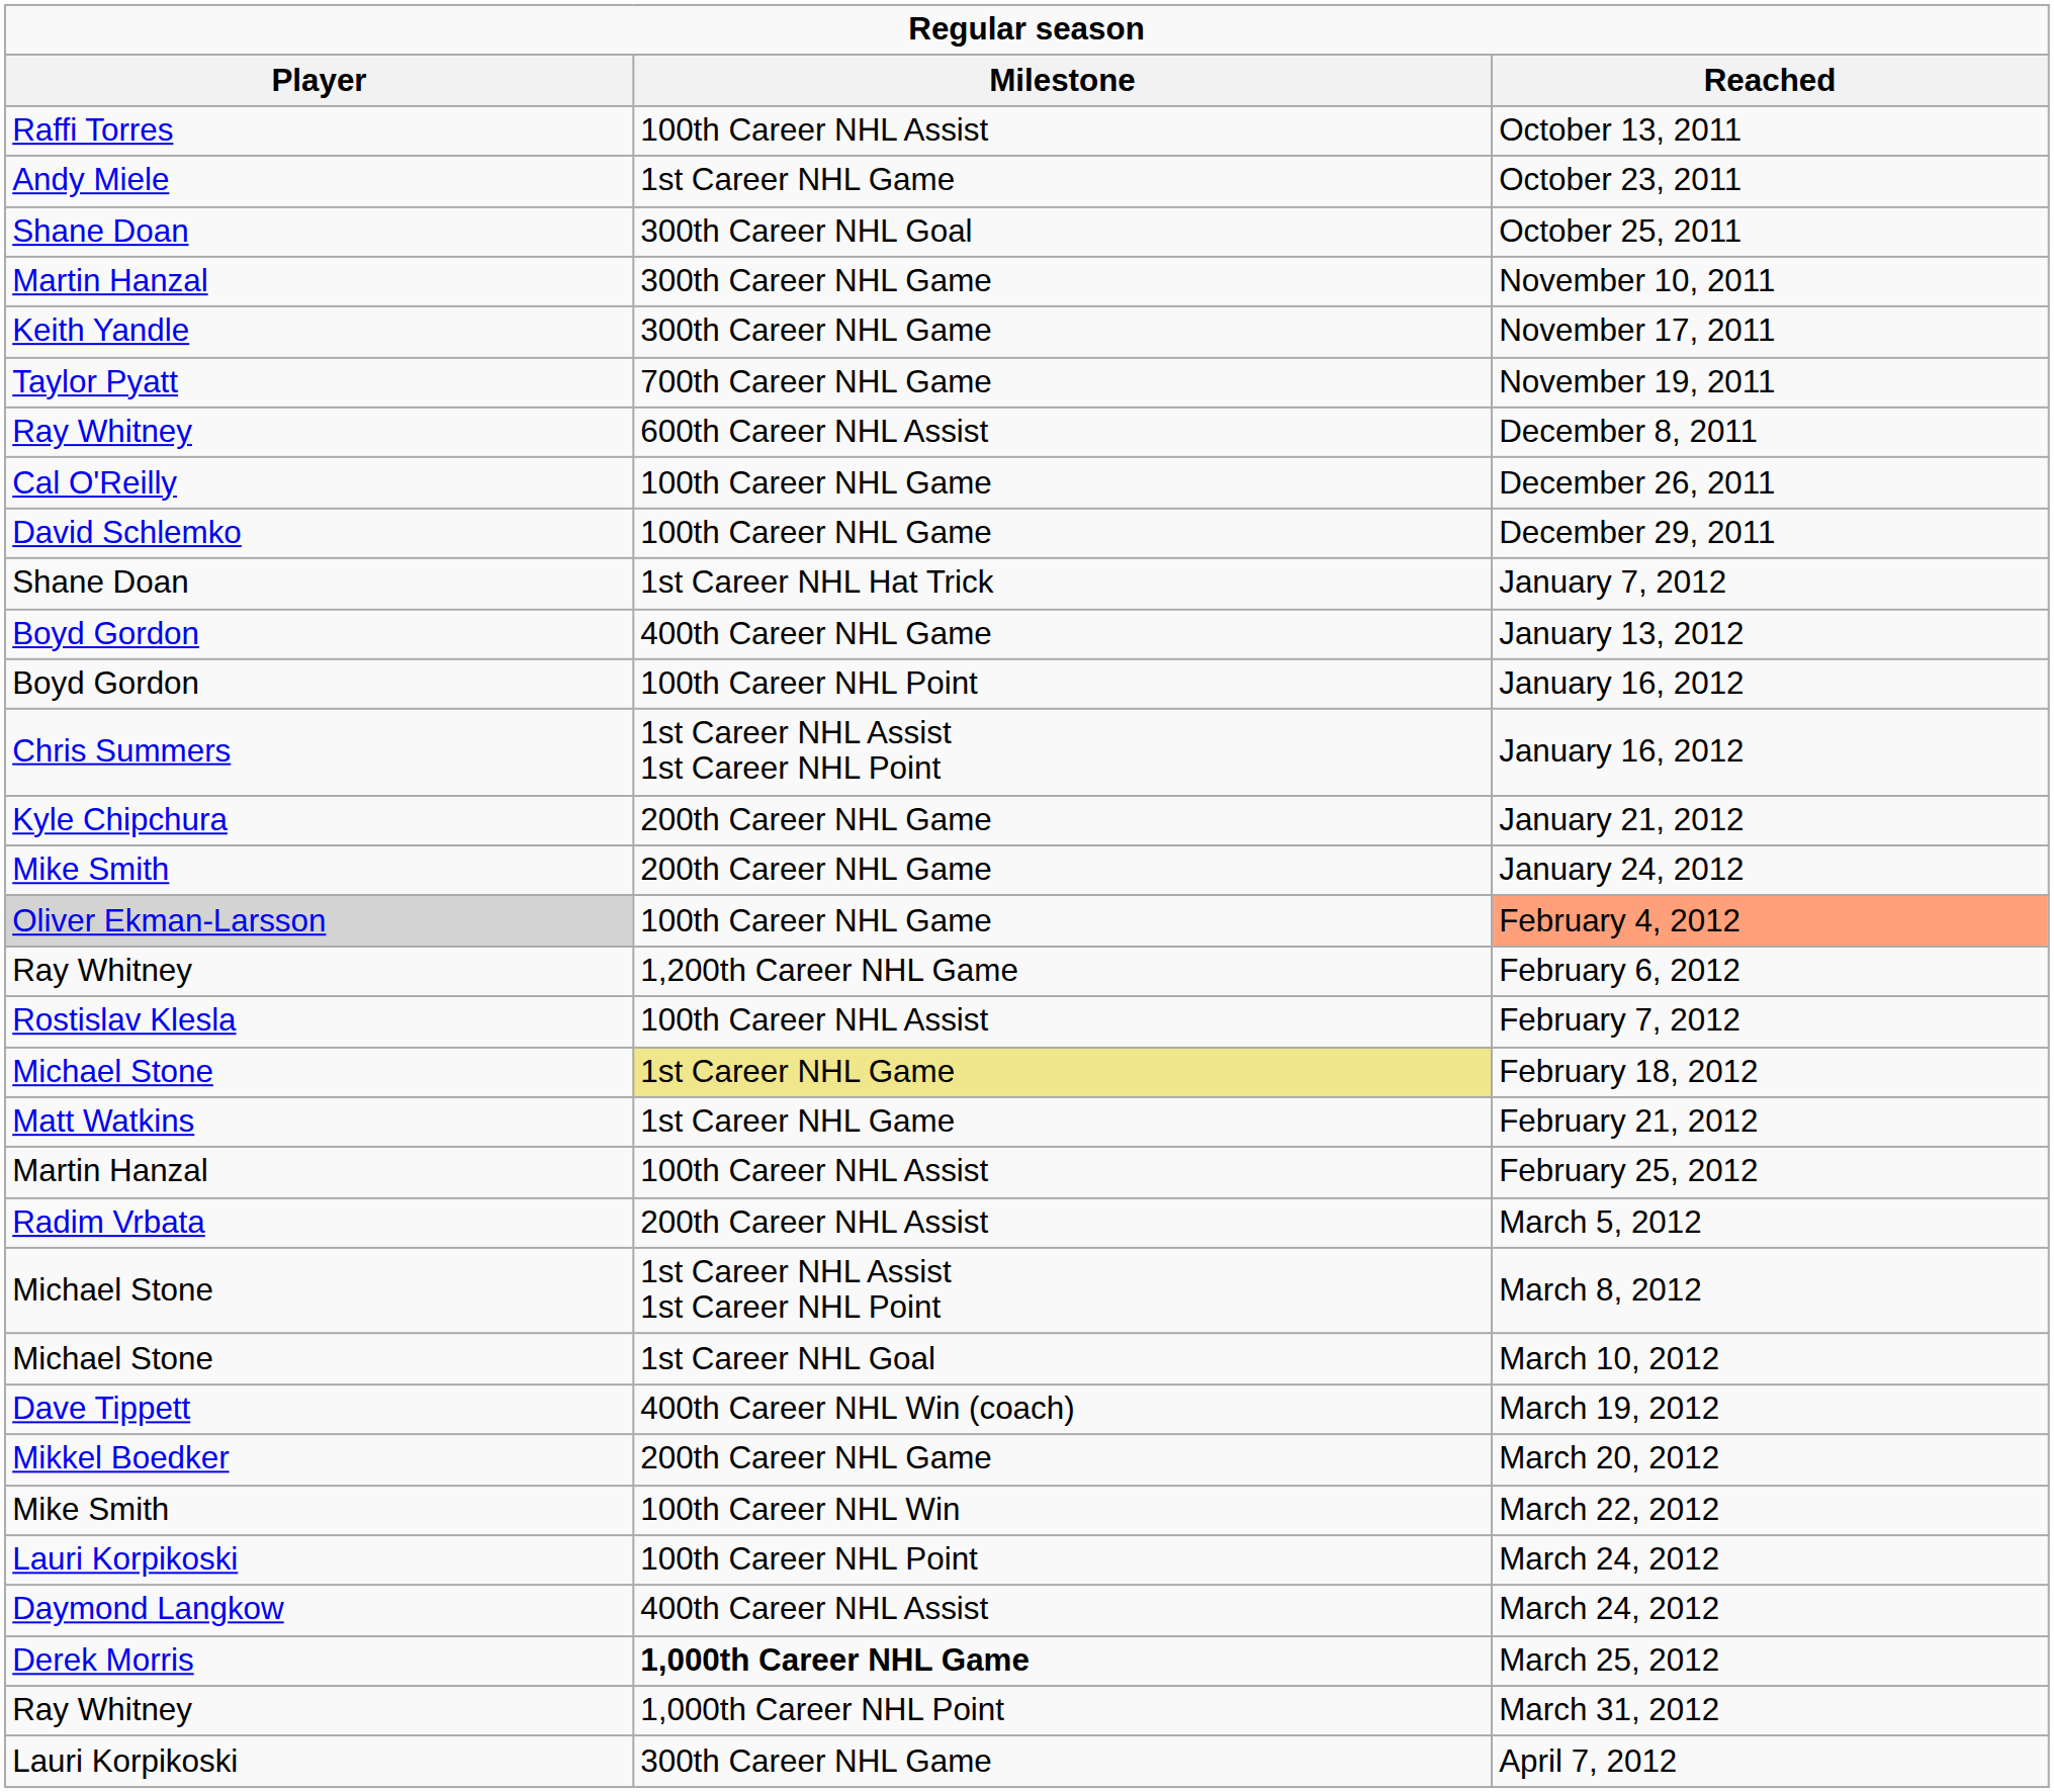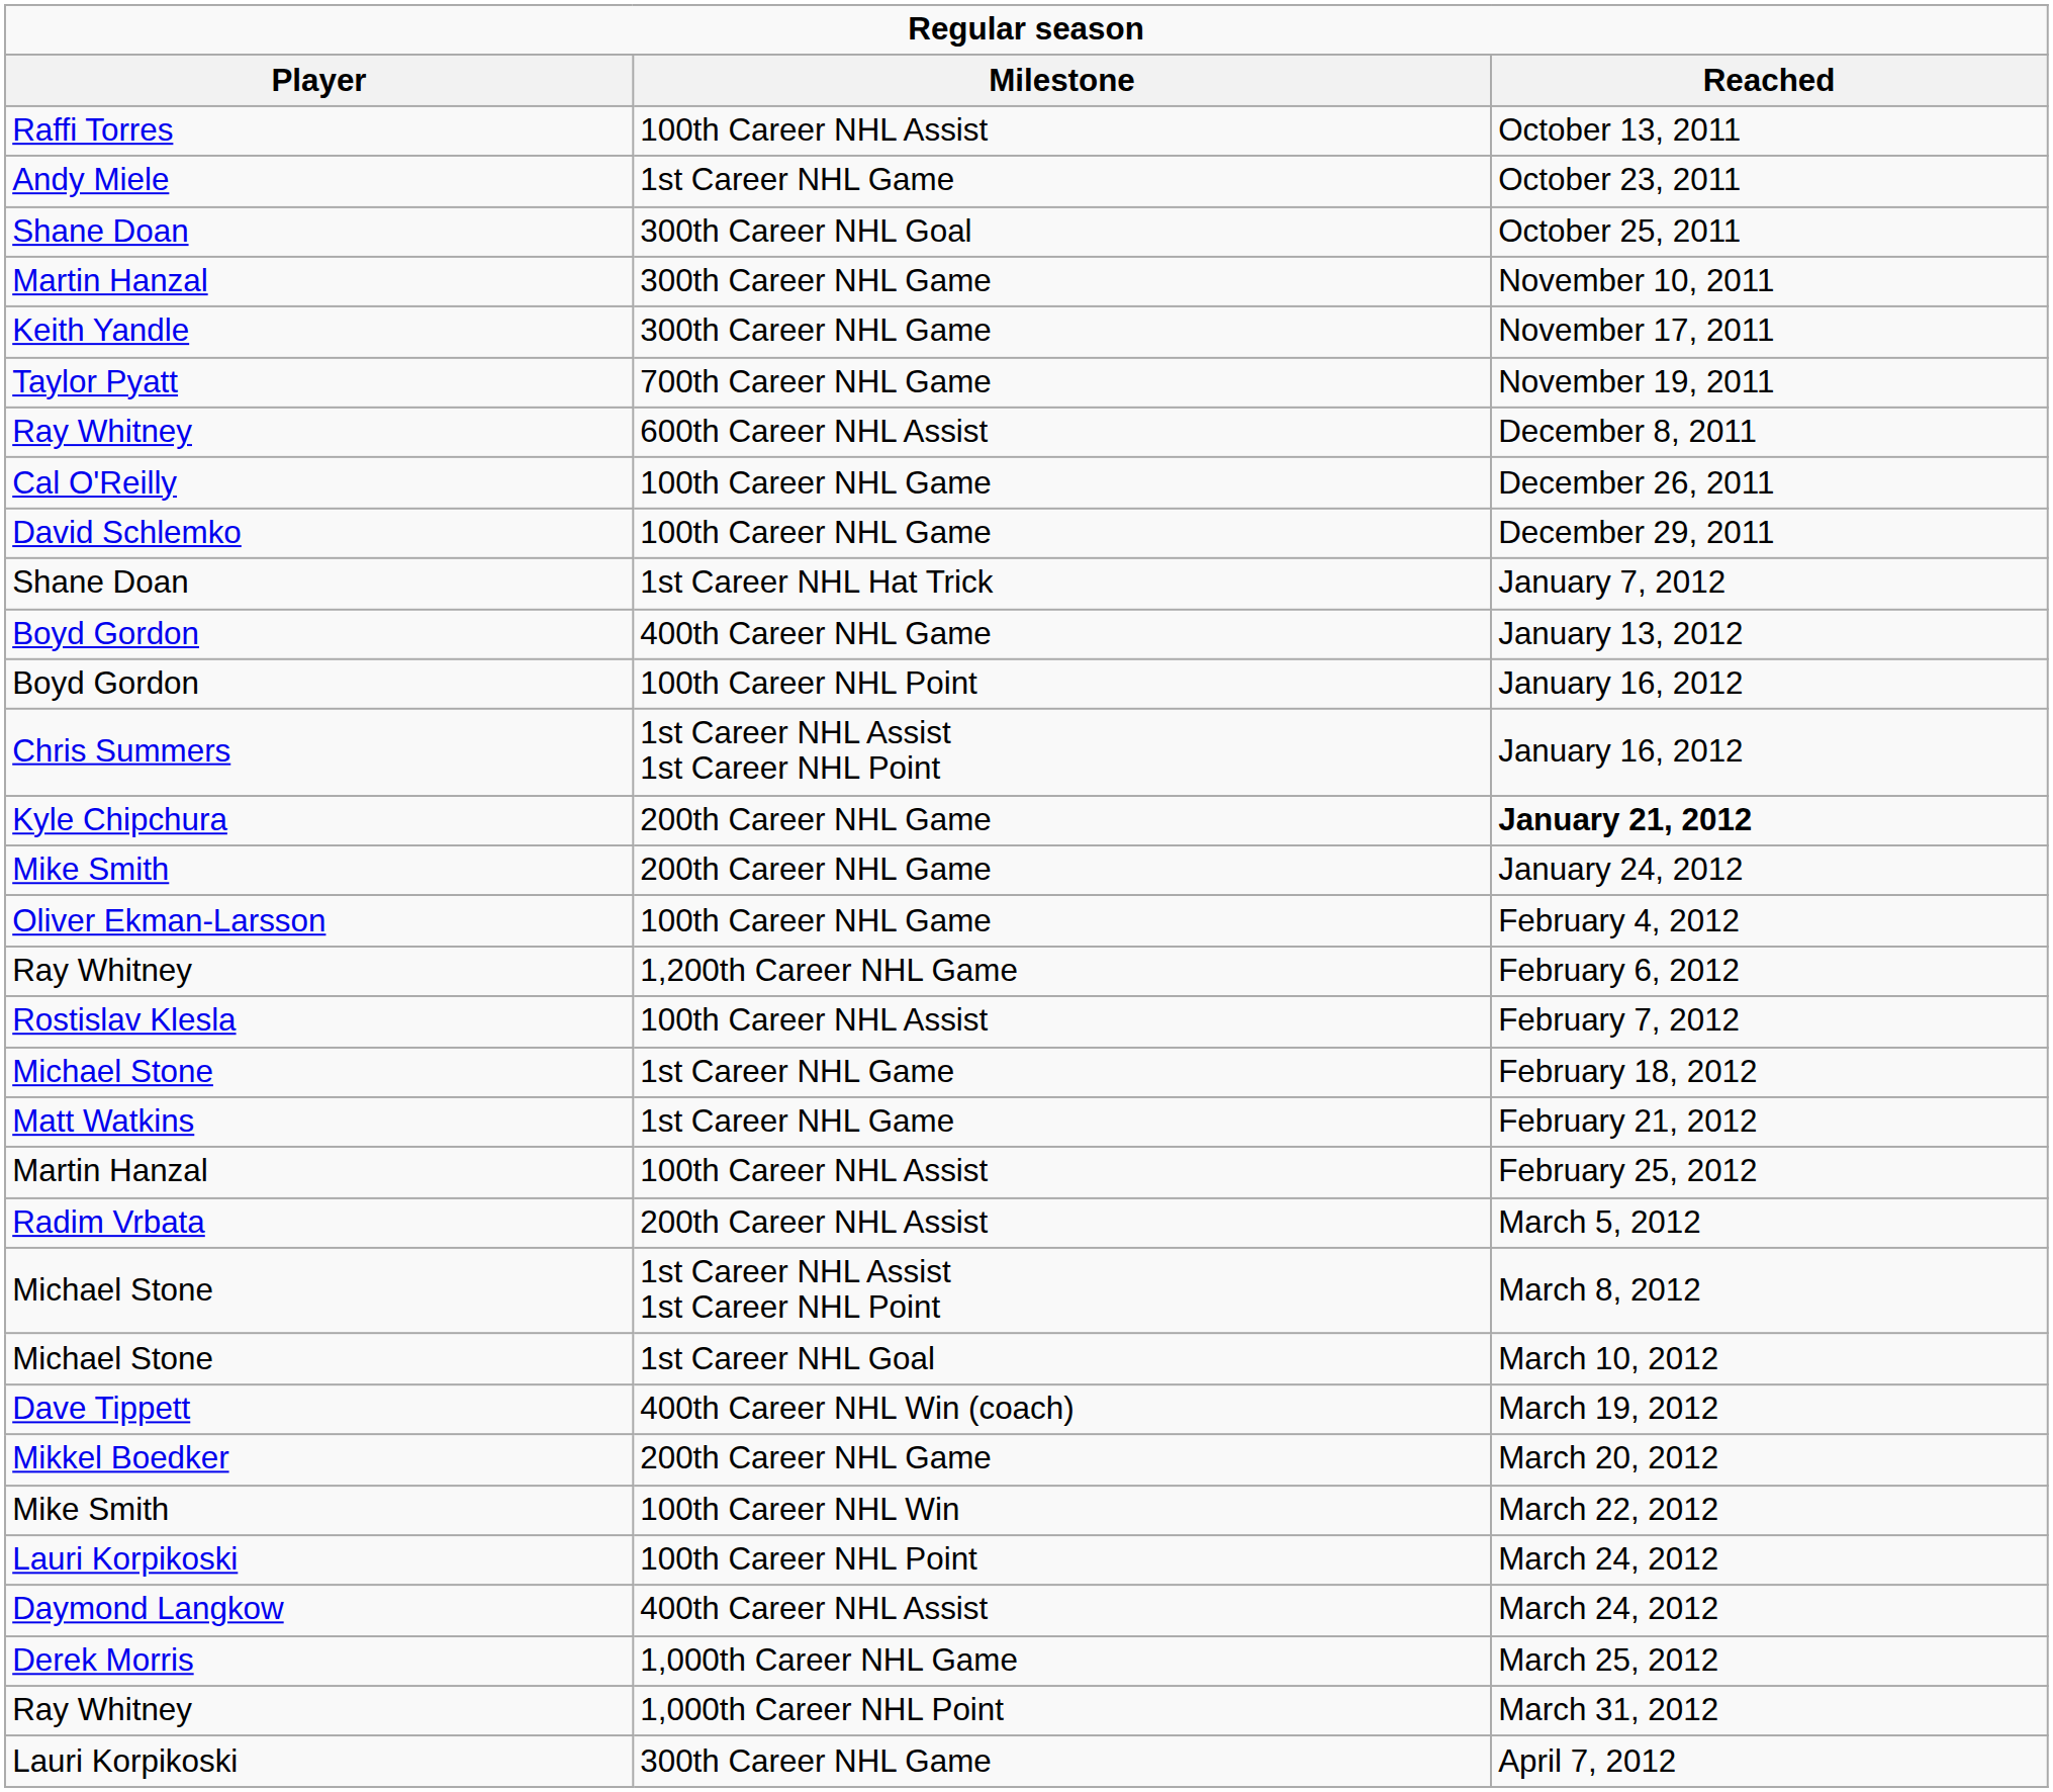 <table class="wikitable" width="52%">
 <tr>
 <td colspan="10" align="center"><strong>Regular season</strong></td>
 </tr>
 <tr>
 <th>Player</th>
 <th>Milestone</th>
 <th>Reached</th>
 </tr>
 <tr>
 <td><a href='#'>Raffi Torres</a></td>
 <td>100th Career NHL Assist</td>
 <td>October 13, 2011</td>
 </tr>
 <tr>
 <td><a href='#'>Andy Miele</a></td>
 <td>1st Career NHL Game</td>
 <td>October 23, 2011</td>
 </tr>
 <tr>
 <td><a href='#'>Shane Doan</a></td>
 <td>300th Career NHL Goal</td>
 <td>October 25, 2011</td>
 </tr>
 <tr>
 <td><a href='#'>Martin Hanzal</a></td>
 <td>300th Career NHL Game</td>
 <td>November 10, 2011</td>
 </tr>
 <tr>
 <td><a href='#'>Keith Yandle</a></td>
 <td>300th Career NHL Game</td>
 <td>November 17, 2011</td>
 </tr>
 <tr>
 <td><a href='#'>Taylor Pyatt</a></td>
 <td>700th Career NHL Game</td>
 <td>November 19, 2011</td>
 </tr>
 <tr>
 <td><a href='#'>Ray Whitney</a></td>
 <td>600th Career NHL Assist</td>
 <td>December 8, 2011</td>
 </tr>
 <tr>
 <td><a href='#'>Cal O'Reilly</a></td>
 <td>100th Career NHL Game</td>
 <td>December 26, 2011</td>
 </tr>
 <tr>
 <td><a href='#'>David Schlemko</a></td>
 <td>100th Career NHL Game</td>
 <td>December 29, 2011</td>
 </tr>
 <tr>
 <td>Shane Doan</td>
 <td>1st Career NHL Hat Trick</td>
 <td>January 7, 2012</td>
 </tr>
 <tr>
 <td><a href='#'>Boyd Gordon</a></td>
 <td>400th Career NHL Game</td>
 <td>January 13, 2012</td>
 </tr>
 <tr>
 <td>Boyd Gordon</td>
 <td>100th Career NHL Point</td>
 <td>January 16, 2012</td>
 </tr>
 <tr>
 <td><a href='#'>Chris Summers</a></td>
 <td>1st Career NHL Assist<br>1st Career NHL Point</td>
 <td>January 16, 2012</td>
 </tr>
 <tr>
 <td><a href='#'>Kyle Chipchura</a></td>
 <td>200th Career NHL Game</td>
-<td>January 21, 2012</td>
+<td><strong>January 21, 2012</strong></td>
 </tr>
 <tr>
 <td><a href='#'>Mike Smith</a></td>
 <td>200th Career NHL Game</td>
 <td>January 24, 2012</td>
 </tr>
 <tr>
-<td style="background: lightgrey;"><a href='#'>Oliver Ekman-Larsson</a></td>
+<td><a href='#'>Oliver Ekman-Larsson</a></td>
 <td>100th Career NHL Game</td>
-<td style="background: lightsalmon;">February 4, 2012</td>
+<td>February 4, 2012</td>
 </tr>
 <tr>
 <td>Ray Whitney</td>
 <td>1,200th Career NHL Game</td>
 <td>February 6, 2012</td>
 </tr>
 <tr>
 <td><a href='#'>Rostislav Klesla</a></td>
 <td>100th Career NHL Assist</td>
 <td>February 7, 2012</td>
 </tr>
 <tr>
 <td><a href='#'>Michael Stone</a></td>
-<td style="background: khaki;">1st Career NHL Game</td>
+<td>1st Career NHL Game</td>
 <td>February 18, 2012</td>
 </tr>
 <tr>
 <td><a href='#'>Matt Watkins</a></td>
 <td>1st Career NHL Game</td>
 <td>February 21, 2012</td>
 </tr>
 <tr>
 <td>Martin Hanzal</td>
 <td>100th Career NHL Assist</td>
 <td>February 25, 2012</td>
 </tr>
 <tr>
 <td><a href='#'>Radim Vrbata</a></td>
 <td>200th Career NHL Assist</td>
 <td>March 5, 2012</td>
 </tr>
 <tr>
 <td>Michael Stone</td>
 <td>1st Career NHL Assist<br>1st Career NHL Point</td>
 <td>March 8, 2012</td>
 </tr>
 <tr>
 <td>Michael Stone</td>
 <td>1st Career NHL Goal</td>
 <td>March 10, 2012</td>
 </tr>
 <tr>
 <td><a href='#'>Dave Tippett</a></td>
 <td>400th Career NHL Win (coach)</td>
 <td>March 19, 2012</td>
 </tr>
 <tr>
 <td><a href='#'>Mikkel Boedker</a></td>
 <td>200th Career NHL Game</td>
 <td>March 20, 2012</td>
 </tr>
 <tr>
 <td>Mike Smith</td>
 <td>100th Career NHL Win</td>
 <td>March 22, 2012</td>
 </tr>
 <tr>
 <td><a href='#'>Lauri Korpikoski</a></td>
 <td>100th Career NHL Point</td>
 <td>March 24, 2012</td>
 </tr>
 <tr>
 <td><a href='#'>Daymond Langkow</a></td>
 <td>400th Career NHL Assist</td>
 <td>March 24, 2012</td>
 </tr>
 <tr>
 <td><a href='#'>Derek Morris</a></td>
-<td><strong>1,000th Career NHL Game</strong></td>
+<td>1,000th Career NHL Game</td>
 <td>March 25, 2012</td>
 </tr>
 <tr>
 <td>Ray Whitney</td>
 <td>1,000th Career NHL Point</td>
 <td>March 31, 2012</td>
 </tr>
 <tr>
 <td>Lauri Korpikoski</td>
 <td>300th Career NHL Game</td>
 <td>April 7, 2012</td>
 </tr>
 </table>
